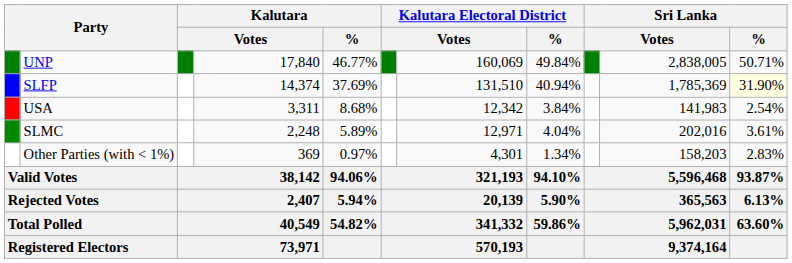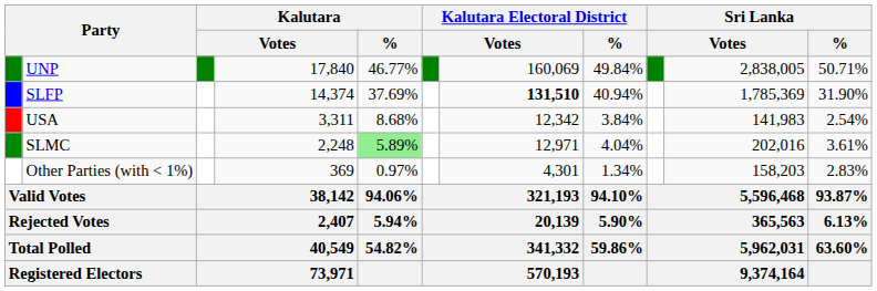 <table class="wikitable">
 <tr>
 <th colspan="2" width="144px"rowspan="2">Party</th>
 <th colspan="3" width="216px">Kalutara</th>
 <th colspan="3" width="216px"><a href='#'>Kalutara Electoral District</a></th>
 <th colspan="3" width="216px">Sri Lanka</th>
 </tr>
 <tr>
 <th colspan="2" width="144px">Votes</th>
 <th>%</th>
 <th colspan="2" width="144px">Votes</th>
 <th>%</th>
 <th colspan="2" width="144px">Votes</th>
 <th>%</th>
 </tr>
 <tr>
 <td style="background-color:green;" width="10px"></td>
 <td style="text-align:left;"><a href='#'>UNP</a></td>
 <td style="background-color:green;" width="10px"></td>
 <td style="text-align:right;">17,840</td>
 <td style="text-align:right;">46.77%</td>
 <td style="background-color:green;" width="10px"></td>
 <td style="text-align:right;">160,069</td>
 <td style="text-align:right;">49.84%</td>
 <td style="background-color:green;" width="10px"></td>
 <td style="text-align:right;">2,838,005</td>
 <td style="text-align:right;">50.71%</td>
 </tr>
 <tr>
 <td style="background-color:blue;" width="10px"></td>
 <td style="text-align:left;"><a href='#'>SLFP</a></td>
 <td style="background-color:white;" width="10px"></td>
 <td style="text-align:right;">14,374</td>
 <td style="text-align:right;">37.69%</td>
 <td style="background-color:white;" width="10px"></td>
-<td style="text-align:right;">131,510</td>
+<td style="text-align:right;"><strong>131,510</strong></td>
 <td style="text-align:right;">40.94%</td>
 <td style="background-color:white;" width="10px"></td>
 <td style="text-align:right;">1,785,369</td>
-<td style="background: lightyellow; text-align:right;">31.90%</td>
+<td style="text-align:right;">31.90%</td>
 </tr>
 <tr>
 <td style="background-color:red;" width="10px"></td>
 <td style="text-align:left;">USA</td>
 <td style="background-color:white;" width="10px"></td>
 <td style="text-align:right;">3,311</td>
 <td style="text-align:right;">8.68%</td>
 <td style="background-color:white;" width="10px"></td>
 <td style="text-align:right;">12,342</td>
 <td style="text-align:right;">3.84%</td>
 <td style="background-color:white;" width="10px"></td>
 <td style="text-align:right;">141,983</td>
 <td style="text-align:right;">2.54%</td>
 </tr>
 <tr>
 <td style="background-color:#008800;" width="10px"></td>
 <td style="text-align:left;">SLMC</td>
 <td style="background-color:white;" width="10px"></td>
 <td style="text-align:right;">2,248</td>
-<td style="text-align:right;">5.89%</td>
+<td style="background: lightgreen; text-align:right;">5.89%</td>
 <td style="background-color:white;" width="10px"></td>
 <td style="text-align:right;">12,971</td>
 <td style="text-align:right;">4.04%</td>
 <td style="background-color:white;" width="10px"></td>
 <td style="text-align:right;">202,016</td>
 <td style="text-align:right;">3.61%</td>
 </tr>
 <tr>
 <td style="background-color:white;" width="10px"></td>
 <td style="text-align:left;">Other Parties (with < 1%)</td>
 <td style="background-color:white;" width="10px"></td>
 <td style="text-align:right;">369</td>
 <td style="text-align:right;">0.97%</td>
 <td style="background-color:white;" width="10px"></td>
 <td style="text-align:right;">4,301</td>
 <td style="text-align:right;">1.34%</td>
 <td style="background-color:white;" width="10px"></td>
 <td style="text-align:right;">158,203</td>
 <td style="text-align:right;">2.83%</td>
 </tr>
 <tr>
 <th colspan="2" width="144px"style="text-align:left;">Valid Votes</th>
 <th style="text-align:right;"colspan="2" width="144px">38,142</th>
 <th style="text-align:right;">94.06%</th>
 <th style="text-align:right;"colspan="2" width="144px">321,193</th>
 <th style="text-align:right;">94.10%</th>
 <th style="text-align:right;"colspan="2" width="144px">5,596,468</th>
 <th style="text-align:right;">93.87%</th>
 </tr>
 <tr>
 <th colspan="2" width="144px"style="text-align:left;">Rejected Votes</th>
 <th style="text-align:right;"colspan="2" width="144px">2,407</th>
 <th style="text-align:right;">5.94%</th>
 <th style="text-align:right;"colspan="2" width="144px">20,139</th>
 <th style="text-align:right;">5.90%</th>
 <th style="text-align:right;"colspan="2" width="144px">365,563</th>
 <th style="text-align:right;">6.13%</th>
 </tr>
 <tr>
 <th colspan="2" width="144px"style="text-align:left;">Total Polled</th>
 <th style="text-align:right;"colspan="2" width="144px">40,549</th>
 <th style="text-align:right;">54.82%</th>
 <th style="text-align:right;"colspan="2" width="144px">341,332</th>
 <th style="text-align:right;">59.86%</th>
 <th style="text-align:right;"colspan="2" width="144px">5,962,031</th>
 <th style="text-align:right;">63.60%</th>
 </tr>
 <tr>
 <th colspan="2" width="144px"style="text-align:left;">Registered Electors</th>
 <th style="text-align:right;"colspan="2" width="144px">73,971</th>
 <th></th>
 <th style="text-align:right;"colspan="2" width="144px">570,193</th>
 <th></th>
 <th style="text-align:right;"colspan="2" width="144px">9,374,164</th>
 <th></th>
 </tr>
 </table>
